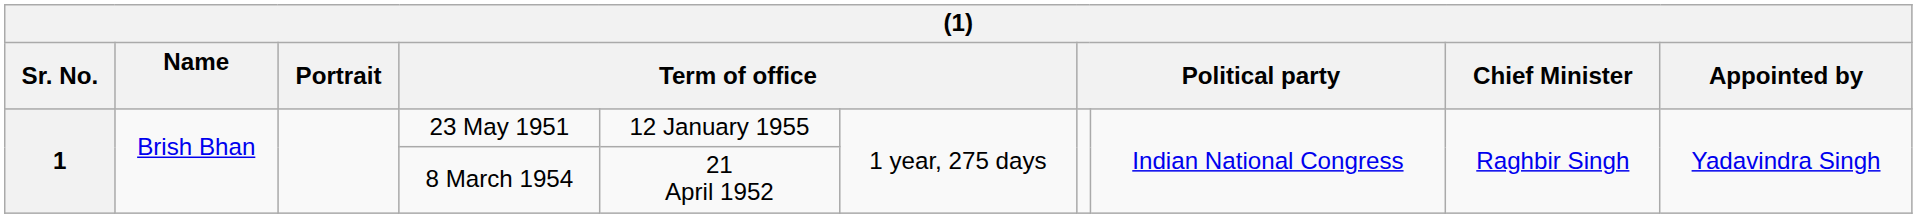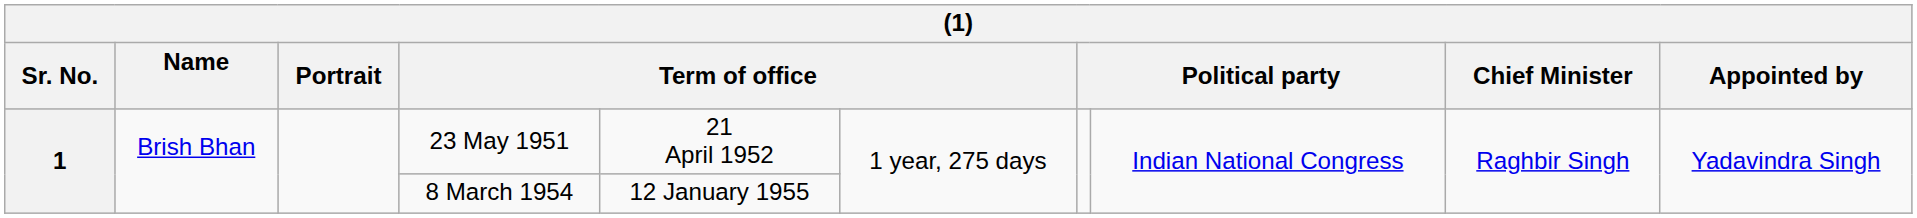 <table class="wikitable" style="width:100%; text-align:center">
 <tr>
 <th colspan=10> (1)</th>
 </tr>
 <tr>
 <th>Sr. No.</th>
 <th>Name<br><br></th>
 <th>Portrait</th>
 <th colspan=3>Term of office</th>
 <th colspan=2>Political party</th>
 <th>Chief Minister</th>
 <th>Appointed by</th>
 </tr>
 <tr>
 <th rowspan=2>1</th>
 <td rowspan=2><a href='#'>Brish Bhan</a><br><br></td>
 <td rowspan=2></td>
 <td>23 May 1951</td>
-<td>12 January 1955</td>
+<td>21<br> April 1952</td>
 <td rowspan=2>1 year, 275 days</td>
 <td rowspan=2></td>
 <td rowspan=2><a href='#'>Indian National Congress</a></td>
 <td rowspan=2><a href='#'>Raghbir Singh</a></td>
 <td rowspan=2><a href='#'>Yadavindra Singh</a></td>
 </tr>
 <tr>
 <td>8 March 1954</td>
-<td>21<br> April 1952</td>
+<td>12 January 1955</td>
 </tr>
 </table>
